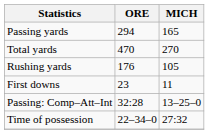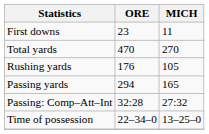 <table class="wikitable" style="float: left;">
 <tr>
 <th>Statistics</th>
 <th>ORE</th>
 <th>MICH</th>
 </tr>
 <tr>
-<td>Passing yards</td>
-<td>294</td>
-<td>165</td>
+<td>First downs</td>
+<td>23</td>
+<td>11</td>
 </tr>
 <tr>
 <td>Total yards</td>
 <td>470</td>
 <td>270</td>
 </tr>
 <tr>
 <td>Rushing yards</td>
 <td>176</td>
 <td>105</td>
 </tr>
 <tr>
-<td>First downs</td>
-<td>23</td>
-<td>11</td>
+<td>Passing yards</td>
+<td>294</td>
+<td>165</td>
 </tr>
 <tr>
 <td>Passing: Comp–Att–Int</td>
 <td>32:28</td>
-<td>13–25–0</td>
+<td>27:32</td>
 </tr>
 <tr>
 <td>Time of possession</td>
 <td>22–34–0</td>
-<td>27:32</td>
+<td>13–25–0</td>
 </tr>
 <tr>
 </tr>
 </table>
